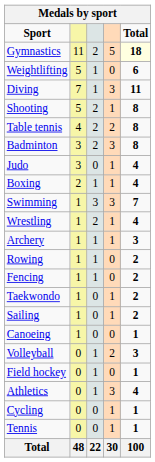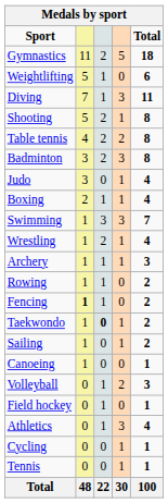 <table class="wikitable" style="font-size:85%; float:right">
 <tr bgcolor=#efefef>
 <th colspan=5>Medals by sport</th>
 </tr>
 <tr align=center>
 <td><strong>Sport</strong></td>
 <td bgcolor=#f7f6a8></td>
 <td bgcolor=#dce5e5></td>
 <td bgcolor=#ffdab9></td>
 <td><strong>Total</strong></td>
 </tr>
 <tr align=center>
 <td align=left><a href='#'>Gymnastics</a></td>
 <td bgcolor=#f7f6a8>11</td>
 <td bgcolor=#dce5e5>2</td>
 <td bgcolor=#ffdab9>5</td>
-<td style="background: lightyellow;"><strong>18</strong></td>
+<td><strong>18</strong></td>
 </tr>
 <tr align=center>
 <td align=left><a href='#'>Weightlifting</a></td>
 <td bgcolor=#f7f6a8>5</td>
 <td bgcolor=#dce5e5>1</td>
 <td bgcolor=#ffdab9>0</td>
 <td><strong>6</strong></td>
 </tr>
 <tr align=center>
 <td align=left><a href='#'>Diving</a></td>
 <td bgcolor=#f7f6a8>7</td>
 <td bgcolor=#dce5e5>1</td>
 <td bgcolor=#ffdab9>3</td>
 <td><strong>11</strong></td>
 </tr>
 <tr align=center>
 <td align=left><a href='#'>Shooting</a></td>
 <td bgcolor=#f7f6a8>5</td>
 <td bgcolor=#dce5e5>2</td>
 <td bgcolor=#ffdab9>1</td>
 <td><strong>8</strong></td>
 </tr>
 <tr align=center>
 <td align=left><a href='#'>Table tennis</a></td>
 <td bgcolor=#f7f6a8>4</td>
 <td bgcolor=#dce5e5>2</td>
 <td bgcolor=#ffdab9>2</td>
 <td><strong>8</strong></td>
 </tr>
 <tr align=center>
 <td align=left><a href='#'>Badminton</a></td>
 <td bgcolor=#f7f6a8>3</td>
 <td bgcolor=#dce5e5>2</td>
 <td bgcolor=#ffdab9>3</td>
 <td><strong>8</strong></td>
 </tr>
 <tr align=center>
 <td align=left><a href='#'>Judo</a></td>
 <td bgcolor=#f7f6a8>3</td>
 <td bgcolor=#dce5e5>0</td>
 <td bgcolor=#ffdab9>1</td>
 <td><strong>4</strong></td>
 </tr>
 <tr align=center>
 <td align=left><a href='#'>Boxing</a></td>
 <td bgcolor=#f7f6a8>2</td>
 <td bgcolor=#dce5e5>1</td>
 <td bgcolor=#ffdab9>1</td>
 <td><strong>4</strong></td>
 </tr>
 <tr align=center>
 <td align=left><a href='#'>Swimming</a></td>
 <td bgcolor=#f7f6a8>1</td>
 <td bgcolor=#dce5e5>3</td>
 <td bgcolor=#ffdab9>3</td>
 <td><strong>7</strong></td>
 </tr>
 <tr align=center>
 <td align=left><a href='#'>Wrestling</a></td>
 <td bgcolor=#f7f6a8>1</td>
 <td bgcolor=#dce5e5>2</td>
 <td bgcolor=#ffdab9>1</td>
 <td><strong>4</strong></td>
 </tr>
 <tr align=center>
 <td align=left><a href='#'>Archery</a></td>
 <td bgcolor=#f7f6a8>1</td>
 <td bgcolor=#dce5e5>1</td>
 <td bgcolor=#ffdab9>1</td>
 <td><strong>3</strong></td>
 </tr>
 <tr align=center>
 <td align=left><a href='#'>Rowing</a></td>
 <td bgcolor=#f7f6a8>1</td>
 <td bgcolor=#dce5e5>1</td>
 <td bgcolor=#ffdab9>0</td>
 <td><strong>2</strong></td>
 </tr>
 <tr align=center>
 <td align=left><a href='#'>Fencing</a></td>
-<td bgcolor=#f7f6a8>1</td>
+<td bgcolor=#f7f6a8><strong>1</strong></td>
 <td bgcolor=#dce5e5>1</td>
 <td bgcolor=#ffdab9>0</td>
 <td><strong>2</strong></td>
 </tr>
 <tr align=center>
 <td align=left><a href='#'>Taekwondo</a></td>
 <td bgcolor=#f7f6a8>1</td>
-<td bgcolor=#dce5e5>0</td>
+<td bgcolor=#dce5e5><strong>0</strong></td>
 <td bgcolor=#ffdab9>1</td>
 <td><strong>2</strong></td>
 </tr>
 <tr align=center>
 <td align=left><a href='#'>Sailing</a></td>
 <td bgcolor=#f7f6a8>1</td>
 <td bgcolor=#dce5e5>0</td>
 <td bgcolor=#ffdab9>1</td>
 <td><strong>2</strong></td>
 </tr>
 <tr align=center>
 <td align=left><a href='#'>Canoeing</a></td>
 <td bgcolor=#f7f6a8>1</td>
 <td bgcolor=#dce5e5>0</td>
 <td bgcolor=#ffdab9>0</td>
 <td><strong>1</strong></td>
 </tr>
 <tr align=center>
 <td align=left><a href='#'>Volleyball</a></td>
 <td bgcolor=#f7f6a8>0</td>
 <td bgcolor=#dce5e5>1</td>
 <td bgcolor=#ffdab9>2</td>
 <td><strong>3</strong></td>
 </tr>
 <tr align=center>
 <td align=left><a href='#'>Field hockey</a></td>
 <td bgcolor=#f7f6a8>0</td>
 <td bgcolor=#dce5e5>1</td>
 <td bgcolor=#ffdab9>0</td>
 <td><strong>1</strong></td>
 </tr>
 <tr align=center>
 <td align=left><a href='#'>Athletics</a></td>
 <td bgcolor=#f7f6a8>0</td>
 <td bgcolor=#dce5e5>1</td>
 <td bgcolor=#ffdab9>3</td>
 <td><strong>4</strong></td>
 </tr>
 <tr align=center>
 <td align=left><a href='#'>Cycling</a></td>
 <td bgcolor=#f7f6a8>0</td>
 <td bgcolor=#dce5e5>0</td>
 <td bgcolor=#ffdab9>1</td>
 <td><strong>1</strong></td>
 </tr>
 <tr align=center>
 <td align=left><a href='#'>Tennis</a></td>
 <td bgcolor=#f7f6a8>0</td>
 <td bgcolor=#dce5e5>0</td>
 <td bgcolor=#ffdab9>1</td>
 <td><strong>1</strong></td>
 </tr>
 <tr>
 <th>Total</th>
 <th>48</th>
 <th>22</th>
 <th>30</th>
 <th>100</th>
 </tr>
 </table>
